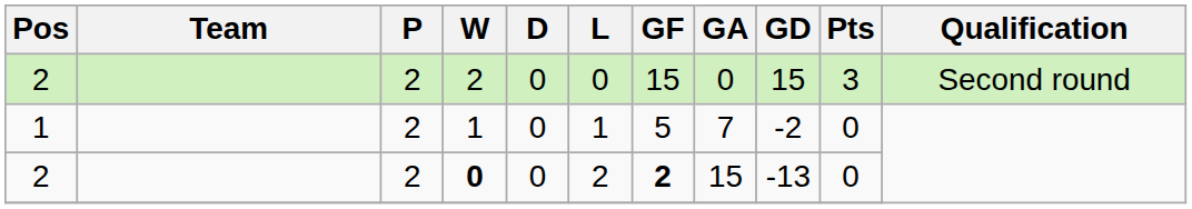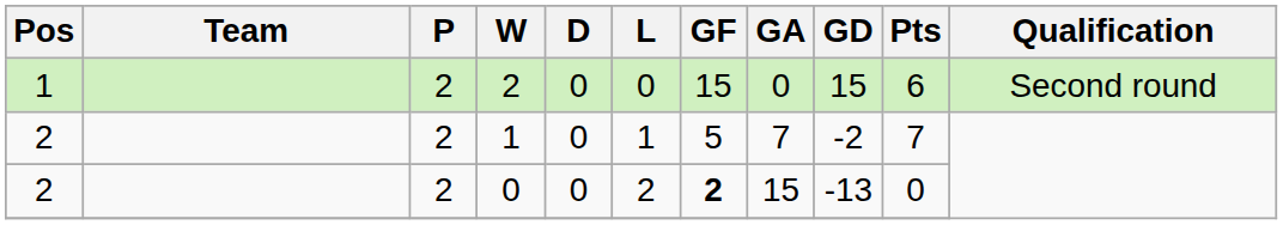 <table class="wikitable" border="1">
 <tr>
 <th width="25"><abbr>Pos</abbr></th>
 <th width="150">Team</th>
 <th width="25">P</th>
 <th width="25">W</th>
 <th width="25">D</th>
 <th width="25">L</th>
 <th width="25"><abbr>GF</abbr></th>
 <th width="25"><abbr>GA</abbr></th>
 <th width="25"><abbr>GD</abbr></th>
 <th width="25"><abbr>Pts</abbr></th>
 <th width="150">Qualification</th>
 </tr>
 <tr bgcolor= #D0F0C0>
-<td align="center">2</td>
+<td align="center">1</td>
 <td></td>
 <td align="center">2</td>
 <td align="center">2</td>
 <td align="center">0</td>
 <td align="center">0</td>
 <td align="center">15</td>
 <td align="center">0</td>
 <td align="center">15</td>
-<td align="center">3</td>
+<td align="center">6</td>
 <td align="center">Second round</td>
 </tr>
 <tr bgcolor=>
-<td align="center">1</td>
+<td align="center">2</td>
 <td></td>
 <td align="center">2</td>
 <td align="center">1</td>
 <td align="center">0</td>
 <td align="center">1</td>
 <td align="center">5</td>
 <td align="center">7</td>
 <td align="center">-2</td>
-<td align="center">0</td>
+<td align="center">7</td>
 </tr>
 <tr bgcolor=>
 <td align="center">2</td>
 <td></td>
 <td align="center">2</td>
-<td align="center"><strong>0</strong></td>
+<td align="center">0</td>
 <td align="center">0</td>
 <td align="center">2</td>
 <td align="center"><strong>2</strong></td>
 <td align="center">15</td>
 <td align="center">-13</td>
 <td align="center">0</td>
 </tr>
 <tr>
 </tr>
 </table>
